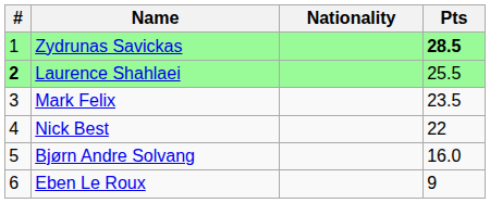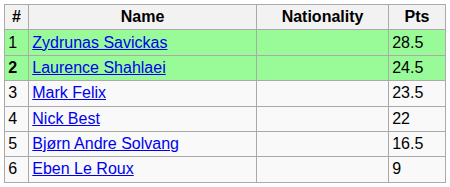 <table class="wikitable" style="display: inline-table; width: 50%;">
 <tr>
 <th>#</th>
 <th>Name</th>
 <th>Nationality</th>
 <th>Pts</th>
 </tr>
 <tr>
 </tr>
 <tr style="background:palegreen">
 <td>1</td>
 <td><a href='#'>Zydrunas Savickas</a></td>
 <td></td>
-<td><strong>28.5</strong></td>
+<td>28.5</td>
 </tr>
 <tr>
 </tr>
 <tr style="background:palegreen">
 <td><strong>2</strong></td>
 <td><a href='#'>Laurence Shahlaei</a></td>
 <td></td>
-<td>25.5</td>
+<td>24.5</td>
 </tr>
 <tr>
 <td>3</td>
 <td><a href='#'>Mark Felix</a></td>
 <td></td>
 <td>23.5</td>
 </tr>
 <tr>
 <td>4</td>
 <td><a href='#'>Nick Best</a></td>
 <td></td>
 <td>22</td>
 </tr>
 <tr>
 <td>5</td>
 <td><a href='#'>Bjørn Andre Solvang</a></td>
 <td></td>
-<td>16.0</td>
+<td>16.5</td>
 </tr>
 <tr>
 <td>6</td>
 <td><a href='#'>Eben Le Roux</a></td>
 <td></td>
 <td>9</td>
 </tr>
 </table>
